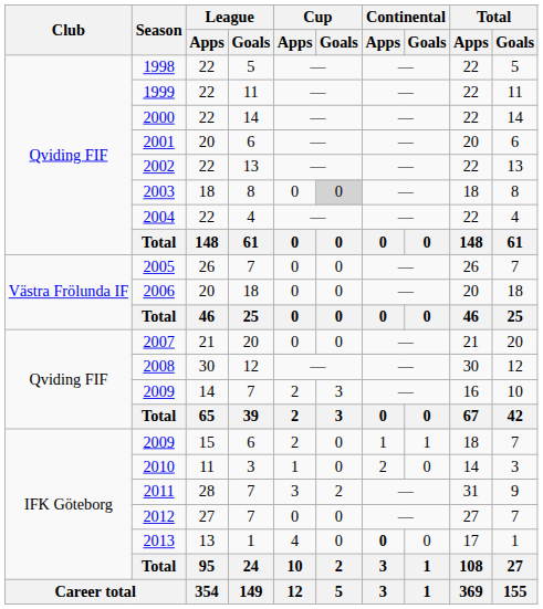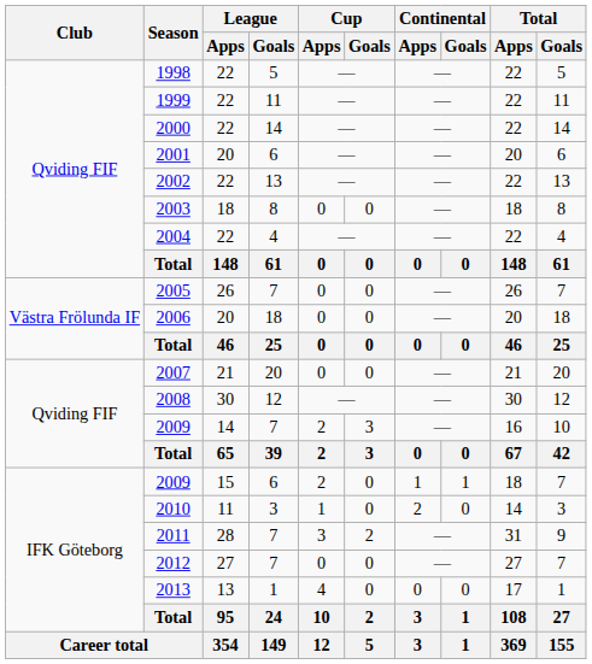 <table class="wikitable" style="text-align:center">
 <tr>
 <th rowspan="2">Club</th>
 <th rowspan="2">Season</th>
 <th colspan="2">League</th>
 <th colspan="2">Cup</th>
 <th colspan="2">Continental</th>
 <th colspan="2">Total</th>
 </tr>
 <tr>
 <th>Apps</th>
 <th>Goals</th>
 <th>Apps</th>
 <th>Goals</th>
 <th>Apps</th>
 <th>Goals</th>
 <th>Apps</th>
 <th>Goals</th>
 </tr>
 <tr>
 <td rowspan="8"><a href='#'>Qviding FIF</a></td>
 <td><a href='#'>1998</a></td>
 <td>22</td>
 <td>5</td>
 <td colspan="2">—</td>
 <td colspan="2">—</td>
 <td>22</td>
 <td>5</td>
 </tr>
 <tr>
 <td><a href='#'>1999</a></td>
 <td>22</td>
 <td>11</td>
 <td colspan="2">—</td>
 <td colspan="2">—</td>
 <td>22</td>
 <td>11</td>
 </tr>
 <tr>
 <td><a href='#'>2000</a></td>
 <td>22</td>
 <td>14</td>
 <td colspan="2">—</td>
 <td colspan="2">—</td>
 <td>22</td>
 <td>14</td>
 </tr>
 <tr>
 <td><a href='#'>2001</a></td>
 <td>20</td>
 <td>6</td>
 <td colspan="2">—</td>
 <td colspan="2">—</td>
 <td>20</td>
 <td>6</td>
 </tr>
 <tr>
 <td><a href='#'>2002</a></td>
 <td>22</td>
 <td>13</td>
 <td colspan="2">—</td>
 <td colspan="2">—</td>
 <td>22</td>
 <td>13</td>
 </tr>
 <tr>
 <td><a href='#'>2003</a></td>
 <td>18</td>
 <td>8</td>
 <td>0</td>
-<td style="background: lightgrey;">0</td>
+<td>0</td>
 <td colspan="2">—</td>
 <td>18</td>
 <td>8</td>
 </tr>
 <tr>
 <td><a href='#'>2004</a></td>
 <td>22</td>
 <td>4</td>
 <td colspan="2">—</td>
 <td colspan="2">—</td>
 <td>22</td>
 <td>4</td>
 </tr>
 <tr>
 <th>Total</th>
 <th>148</th>
 <th>61</th>
 <th>0</th>
 <th>0</th>
 <th>0</th>
 <th>0</th>
 <th>148</th>
 <th>61</th>
 </tr>
 <tr>
 <td rowspan="3"><a href='#'>Västra Frölunda IF</a></td>
 <td><a href='#'>2005</a></td>
 <td>26</td>
 <td>7</td>
 <td>0</td>
 <td>0</td>
 <td colspan="2">—</td>
 <td>26</td>
 <td>7</td>
 </tr>
 <tr>
 <td><a href='#'>2006</a></td>
 <td>20</td>
 <td>18</td>
 <td>0</td>
 <td>0</td>
 <td colspan="2">—</td>
 <td>20</td>
 <td>18</td>
 </tr>
 <tr>
 <th>Total</th>
 <th>46</th>
 <th>25</th>
 <th>0</th>
 <th>0</th>
 <th>0</th>
 <th>0</th>
 <th>46</th>
 <th>25</th>
 </tr>
 <tr>
 <td rowspan="4">Qviding FIF</td>
 <td><a href='#'>2007</a></td>
 <td>21</td>
 <td>20</td>
 <td>0</td>
 <td>0</td>
 <td colspan="2">—</td>
 <td>21</td>
 <td>20</td>
 </tr>
 <tr>
 <td><a href='#'>2008</a></td>
 <td>30</td>
 <td>12</td>
 <td colspan="2">—</td>
 <td colspan="2">—</td>
 <td>30</td>
 <td>12</td>
 </tr>
 <tr>
 <td><a href='#'>2009</a></td>
 <td>14</td>
 <td>7</td>
 <td>2</td>
 <td>3</td>
 <td colspan="2">—</td>
 <td>16</td>
 <td>10</td>
 </tr>
 <tr>
 <th>Total</th>
 <th>65</th>
 <th>39</th>
 <th>2</th>
 <th>3</th>
 <th>0</th>
 <th>0</th>
 <th>67</th>
 <th>42</th>
 </tr>
 <tr>
 <td rowspan="6">IFK Göteborg</td>
 <td><a href='#'>2009</a></td>
 <td>15</td>
 <td>6</td>
 <td>2</td>
 <td>0</td>
 <td>1</td>
 <td>1</td>
 <td>18</td>
 <td>7</td>
 </tr>
 <tr>
 <td><a href='#'>2010</a></td>
 <td>11</td>
 <td>3</td>
 <td>1</td>
 <td>0</td>
 <td>2</td>
 <td>0</td>
 <td>14</td>
 <td>3</td>
 </tr>
 <tr>
 <td><a href='#'>2011</a></td>
 <td>28</td>
 <td>7</td>
 <td>3</td>
 <td>2</td>
 <td colspan="2">—</td>
 <td>31</td>
 <td>9</td>
 </tr>
 <tr>
 <td><a href='#'>2012</a></td>
 <td>27</td>
 <td>7</td>
 <td>0</td>
 <td>0</td>
 <td colspan="2">—</td>
 <td>27</td>
 <td>7</td>
 </tr>
 <tr>
 <td><a href='#'>2013</a></td>
 <td>13</td>
 <td>1</td>
 <td>4</td>
 <td>0</td>
-<td><strong>0</strong></td>
+<td>0</td>
 <td>0</td>
 <td>17</td>
 <td>1</td>
 </tr>
 <tr>
 <th>Total</th>
 <th>95</th>
 <th>24</th>
 <th>10</th>
 <th>2</th>
 <th>3</th>
 <th>1</th>
 <th>108</th>
 <th>27</th>
 </tr>
 <tr>
 <th colspan="2">Career total</th>
 <th>354</th>
 <th>149</th>
 <th>12</th>
 <th>5</th>
 <th>3</th>
 <th>1</th>
 <th>369</th>
 <th>155</th>
 </tr>
 </table>
